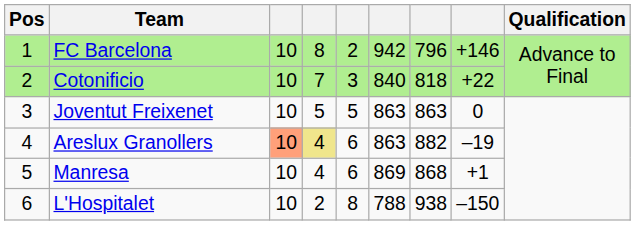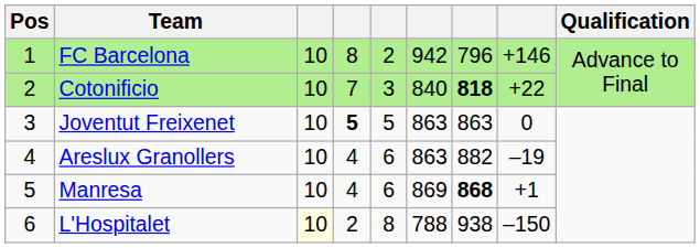 <table class="wikitable" style="text-align:center;">
 <tr>
 <th width=20>Pos</th>
 <th width=175>Team</th>
 <th width=20></th>
 <th width=20></th>
 <th width=20></th>
 <th width=20></th>
 <th width=20></th>
 <th width=20></th>
 <th width=20>Qualification</th>
 </tr>
 <tr style="background: #B0EE90">
 <td>1</td>
 <td align=left><a href='#'>FC Barcelona</a></td>
 <td>10</td>
 <td>8</td>
 <td>2</td>
 <td>942</td>
 <td>796</td>
 <td>+146</td>
 <td rowspan=2>Advance to Final</td>
 </tr>
 <tr style="background: #B0EE90">
 <td>2</td>
 <td align=left><a href='#'>Cotonificio</a></td>
 <td>10</td>
 <td>7</td>
 <td>3</td>
 <td>840</td>
-<td>818</td>
+<td><strong>818</strong></td>
 <td>+22</td>
 </tr>
 <tr>
 <td>3</td>
 <td align=left><a href='#'>Joventut Freixenet</a></td>
 <td>10</td>
-<td>5</td>
+<td><strong>5</strong></td>
 <td>5</td>
 <td>863</td>
 <td>863</td>
 <td>0</td>
 </tr>
 <tr>
 <td>4</td>
 <td align=left><a href='#'>Areslux Granollers</a></td>
-<td style="background: lightsalmon;">10</td>
-<td style="background: khaki;">4</td>
+<td>10</td>
+<td>4</td>
 <td>6</td>
 <td>863</td>
 <td>882</td>
 <td>–19</td>
 </tr>
 <tr>
 <td>5</td>
 <td align=left><a href='#'>Manresa</a></td>
 <td>10</td>
 <td>4</td>
 <td>6</td>
 <td>869</td>
-<td>868</td>
+<td><strong>868</strong></td>
 <td>+1</td>
 </tr>
 <tr>
 <td>6</td>
 <td align=left><a href='#'>L'Hospitalet</a></td>
-<td>10</td>
+<td style="background: lightyellow;">10</td>
 <td>2</td>
 <td>8</td>
 <td>788</td>
 <td>938</td>
 <td>–150</td>
 </tr>
 </table>
